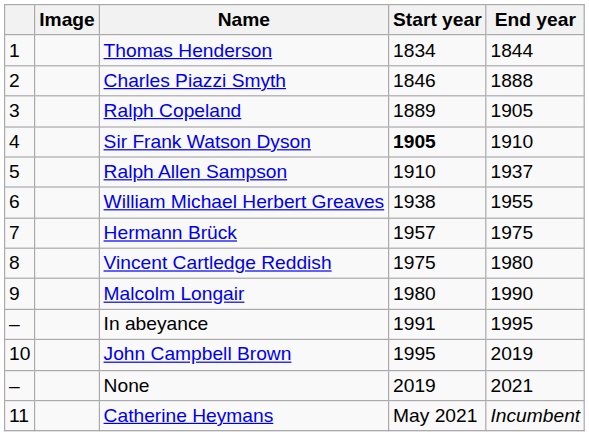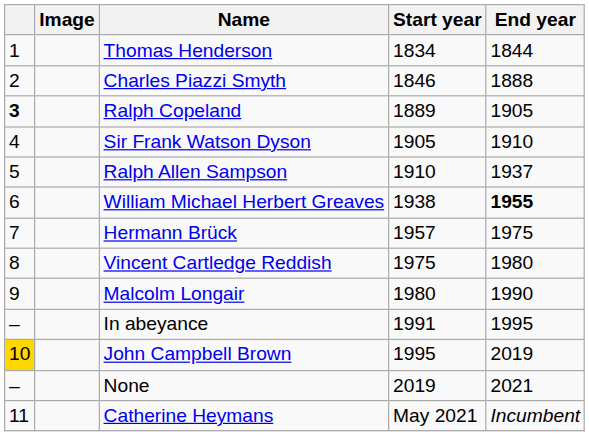 <table class="wikitable sortable">
 <tr>
 <th></th>
 <th>Image</th>
 <th>Name</th>
 <th>Start year</th>
 <th>End year</th>
 </tr>
 <tr>
 <td>1</td>
 <td></td>
 <td><a href='#'>Thomas Henderson</a></td>
 <td>1834</td>
 <td>1844</td>
 </tr>
 <tr>
 <td>2</td>
 <td></td>
 <td><a href='#'>Charles Piazzi Smyth</a></td>
 <td>1846</td>
 <td>1888</td>
 </tr>
 <tr>
-<td>3</td>
+<td><strong>3</strong></td>
 <td></td>
 <td><a href='#'>Ralph Copeland</a></td>
 <td>1889</td>
 <td>1905</td>
 </tr>
 <tr>
 <td>4</td>
 <td></td>
 <td><a href='#'>Sir Frank Watson Dyson</a></td>
-<td><strong>1905</strong></td>
+<td>1905</td>
 <td>1910</td>
 </tr>
 <tr>
 <td>5</td>
 <td></td>
 <td><a href='#'>Ralph Allen Sampson</a></td>
 <td>1910</td>
 <td>1937</td>
 </tr>
 <tr>
 <td>6</td>
 <td></td>
 <td><a href='#'>William Michael Herbert Greaves</a></td>
 <td>1938</td>
-<td>1955</td>
+<td><strong>1955</strong></td>
 </tr>
 <tr>
 <td>7</td>
 <td></td>
 <td><a href='#'>Hermann Brück</a></td>
 <td>1957</td>
 <td>1975</td>
 </tr>
 <tr>
 <td>8</td>
 <td></td>
 <td><a href='#'>Vincent Cartledge Reddish</a></td>
 <td>1975</td>
 <td>1980</td>
 </tr>
 <tr>
 <td>9</td>
 <td></td>
 <td><a href='#'>Malcolm Longair</a></td>
 <td>1980</td>
 <td>1990</td>
 </tr>
 <tr>
 <td>–</td>
 <td></td>
 <td>In abeyance</td>
 <td>1991</td>
 <td>1995</td>
 </tr>
 <tr>
-<td>10</td>
+<td style="background: gold;">10</td>
 <td></td>
 <td><a href='#'>John Campbell Brown</a></td>
 <td>1995</td>
 <td>2019</td>
 </tr>
 <tr>
 <td>–</td>
 <td></td>
 <td>None</td>
 <td>2019</td>
 <td>2021</td>
 </tr>
 <tr>
 <td>11</td>
 <td></td>
 <td><a href='#'>Catherine Heymans</a></td>
 <td>May 2021</td>
 <td><em>Incumbent</em></td>
 </tr>
 <tr>
 </tr>
 </table>
